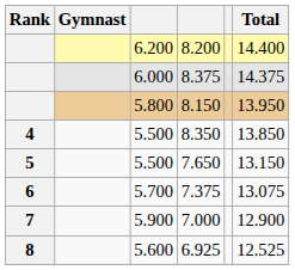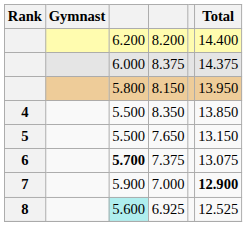 <table class="wikitable sortable" style="text-align:center; font-size:95%">
 <tr>
 <th scope=col>Rank</th>
 <th scope=col>Gymnast</th>
 <th scope=col></th>
 <th scope=col></th>
 <th scope=col></th>
 <th scope=col>Total</th>
 </tr>
 <tr bgcolor=fffcaf>
 <th scope=row></th>
 <td align=left></td>
 <td>6.200</td>
 <td>8.200</td>
 <td></td>
 <td>14.400</td>
 </tr>
 <tr bgcolor=e5e5e5>
 <th scope=row></th>
 <td align=left></td>
 <td>6.000</td>
 <td>8.375</td>
 <td></td>
 <td>14.375</td>
 </tr>
 <tr bgcolor=eecc99>
 <th scope=row></th>
 <td align=left></td>
 <td>5.800</td>
 <td>8.150</td>
 <td></td>
 <td>13.950</td>
 </tr>
 <tr>
 <th scope=row>4</th>
 <td align=left></td>
 <td>5.500</td>
 <td>8.350</td>
 <td></td>
 <td>13.850</td>
 </tr>
 <tr>
 <th scope=row>5</th>
 <td align=left></td>
 <td>5.500</td>
 <td>7.650</td>
 <td></td>
 <td>13.150</td>
 </tr>
 <tr>
 <th scope=row>6</th>
 <td align=left></td>
-<td>5.700</td>
+<td><strong>5.700</strong></td>
 <td>7.375</td>
 <td></td>
 <td>13.075</td>
 </tr>
 <tr>
 <th scope=row>7</th>
 <td align=left></td>
 <td>5.900</td>
 <td>7.000</td>
 <td></td>
-<td>12.900</td>
+<td><strong>12.900</strong></td>
 </tr>
 <tr>
 <th scope=row>8</th>
 <td align=left></td>
-<td>5.600</td>
+<td style="background: paleturquoise;">5.600</td>
 <td>6.925</td>
 <td></td>
 <td>12.525</td>
 </tr>
 <tr>
 </tr>
 </table>
